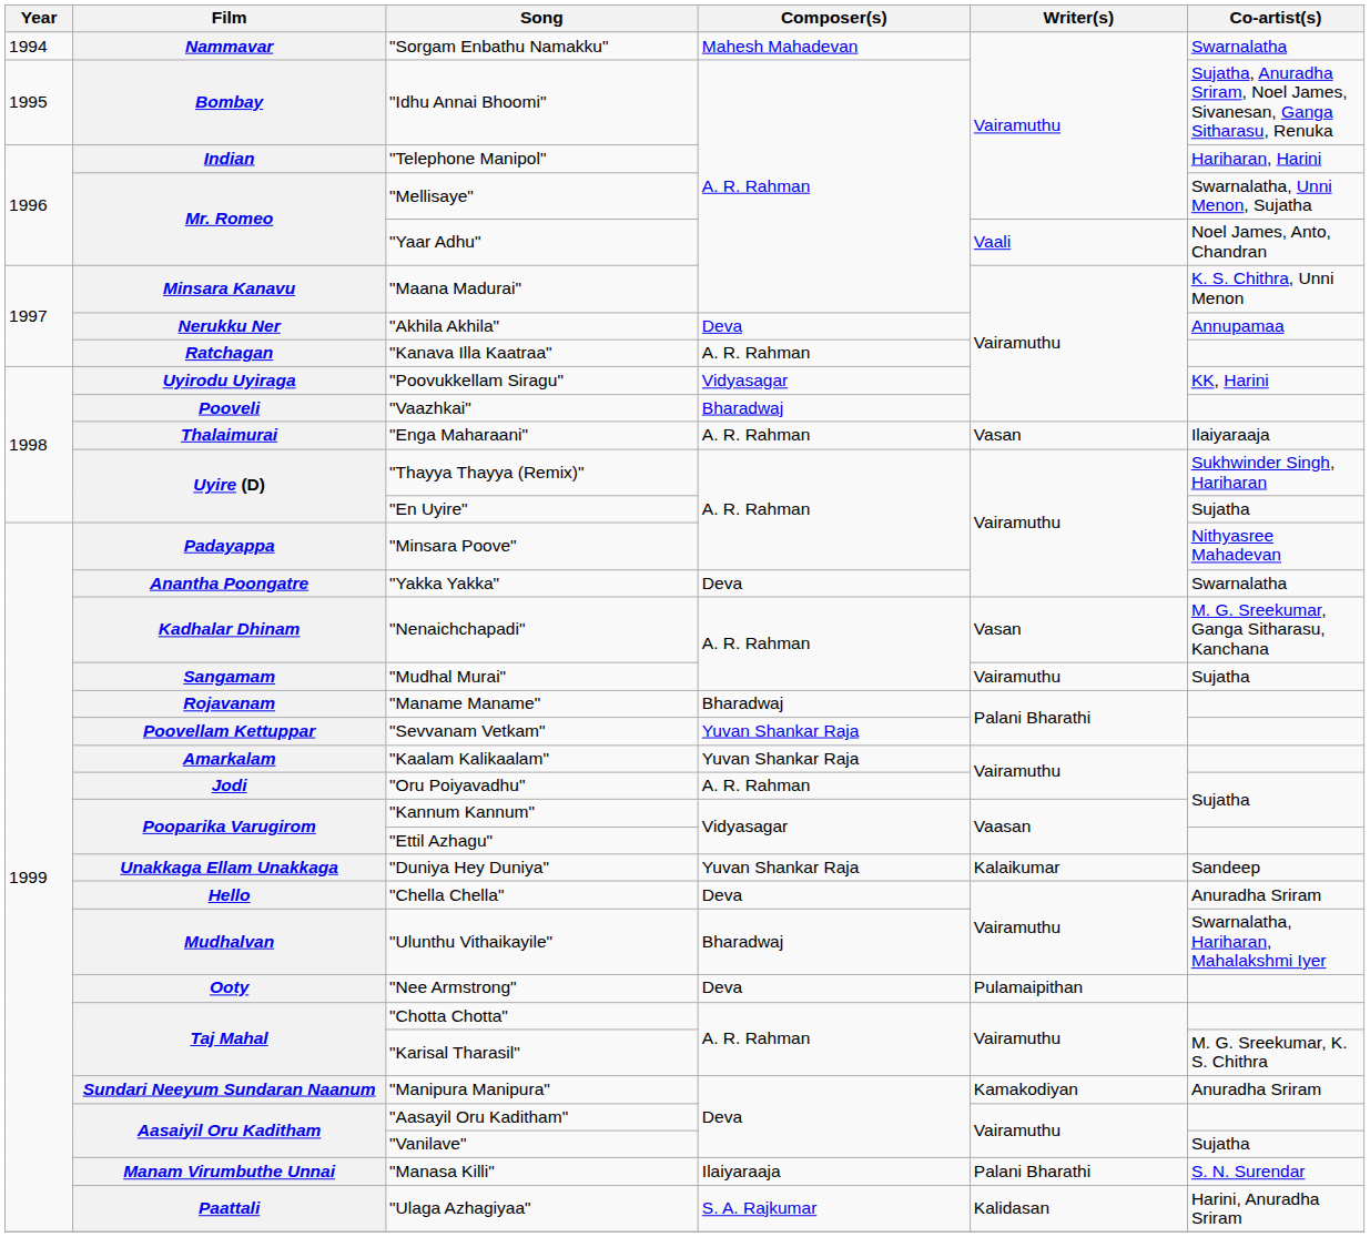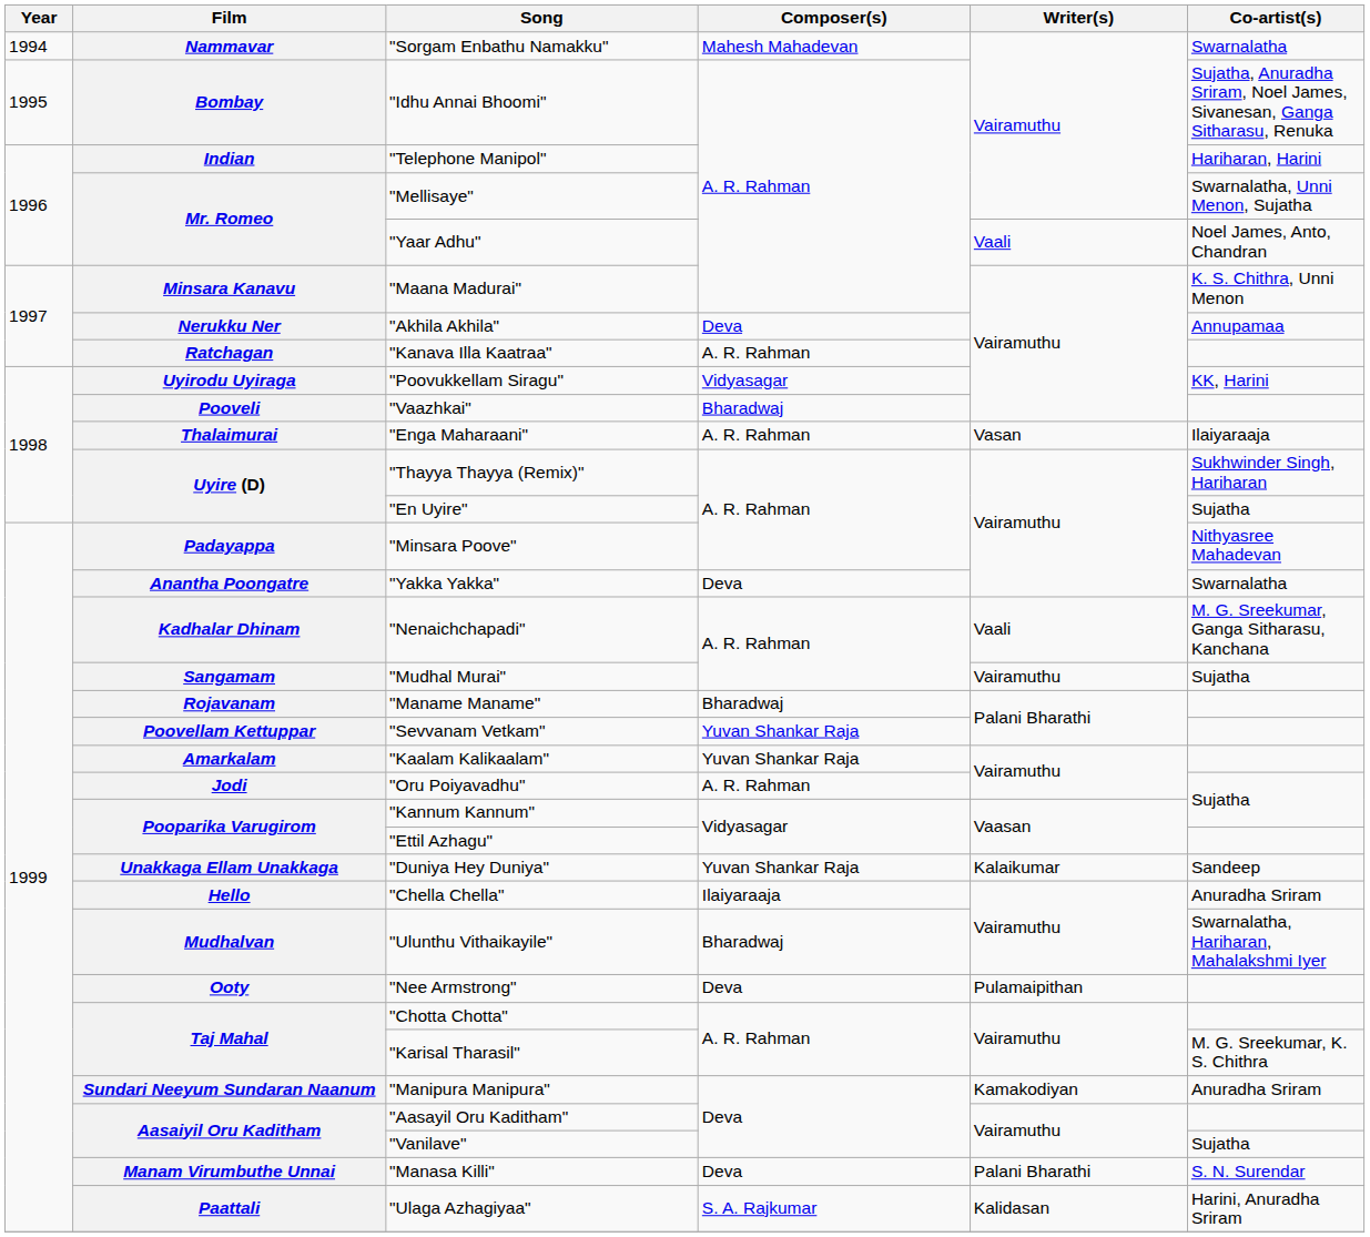 <table class="wikitable plainrowheaders" width="100%" textcolor:#000;">
 <tr style="background:#b0e0e66;">
 <th scope="col" width=5%><strong>Year</strong></th>
 <th scope="col" width=23%><strong>Film</strong></th>
 <th scope="col" width=23%><strong>Song</strong></th>
 <th scope="col" width=20%><strong>Composer(s)</strong></th>
 <th scope="col" width=16%><strong>Writer(s)</strong></th>
 <th scope="col" width=18%><strong>Co-artist(s)</strong></th>
 </tr>
 <tr>
 <td>1994</td>
 <th><em><a href='#'>Nammavar</a></em></th>
 <td>"Sorgam Enbathu Namakku"</td>
 <td><a href='#'>Mahesh Mahadevan</a></td>
 <td rowspan="4"><a href='#'>Vairamuthu</a></td>
 <td><a href='#'>Swarnalatha</a></td>
 </tr>
 <tr>
 <td>1995</td>
 <th><em><a href='#'>Bombay</a></em></th>
 <td>"Idhu Annai Bhoomi"</td>
 <td rowspan="5"><a href='#'>A. R. Rahman</a></td>
 <td><a href='#'>Sujatha</a>, <a href='#'>Anuradha Sriram</a>, Noel James, Sivanesan, <a href='#'>Ganga Sitharasu</a>, Renuka</td>
 </tr>
 <tr>
 <td rowspan="3">1996</td>
 <th><em><a href='#'>Indian</a></em></th>
 <td>"Telephone Manipol"</td>
 <td><a href='#'>Hariharan</a>, <a href='#'>Harini</a></td>
 </tr>
 <tr>
 <th rowspan="2"><em><a href='#'>Mr. Romeo</a></em></th>
 <td>"Mellisaye"</td>
 <td>Swarnalatha, <a href='#'>Unni Menon</a>, Sujatha</td>
 </tr>
 <tr>
 <td>"Yaar Adhu"</td>
 <td><a href='#'>Vaali</a></td>
 <td>Noel James, Anto, Chandran</td>
 </tr>
 <tr>
 <td rowspan="3">1997</td>
 <th><em><a href='#'>Minsara Kanavu</a></em></th>
 <td>"Maana Madurai"</td>
 <td rowspan="5">Vairamuthu</td>
 <td><a href='#'>K. S. Chithra</a>, Unni Menon</td>
 </tr>
 <tr>
 <th><em><a href='#'>Nerukku Ner</a></em></th>
 <td>"Akhila Akhila"</td>
 <td><a href='#'>Deva</a></td>
 <td><a href='#'>Annupamaa</a></td>
 </tr>
 <tr>
 <th><em><a href='#'>Ratchagan</a></em></th>
 <td>"Kanava Illa Kaatraa"</td>
 <td>A. R. Rahman</td>
 <td></td>
 </tr>
 <tr>
 <td rowspan="5">1998</td>
 <th><em><a href='#'>Uyirodu Uyiraga</a></em></th>
 <td>"Poovukkellam Siragu"</td>
 <td><a href='#'>Vidyasagar</a></td>
 <td><a href='#'>KK</a>, <a href='#'>Harini</a></td>
 </tr>
 <tr>
 <th><em><a href='#'>Pooveli</a></em></th>
 <td>"Vaazhkai"</td>
 <td><a href='#'>Bharadwaj</a></td>
 <td></td>
 </tr>
 <tr>
 <th><em><a href='#'>Thalaimurai</a></em></th>
 <td>"Enga Maharaani"</td>
 <td>A. R. Rahman</td>
 <td>Vasan</td>
 <td>Ilaiyaraaja</td>
 </tr>
 <tr>
 <th rowspan="2"><em><a href='#'>Uyire</a></em> (D)</th>
 <td>"Thayya Thayya (Remix)"</td>
 <td rowspan="3">A. R. Rahman</td>
 <td rowspan="4">Vairamuthu</td>
 <td><a href='#'>Sukhwinder Singh</a>, <a href='#'>Hariharan</a></td>
 </tr>
 <tr>
 <td>"En Uyire"</td>
 <td>Sujatha</td>
 </tr>
 <tr>
 <td rowspan="21">1999</td>
 <th><em><a href='#'>Padayappa</a></em></th>
 <td>"Minsara Poove"</td>
 <td><a href='#'>Nithyasree Mahadevan</a></td>
 </tr>
 <tr>
 <th><em><a href='#'>Anantha Poongatre</a></em></th>
 <td>"Yakka Yakka"</td>
 <td>Deva</td>
 <td>Swarnalatha</td>
 </tr>
 <tr>
 <th><em><a href='#'>Kadhalar Dhinam</a></em></th>
 <td>"Nenaichchapadi"</td>
 <td rowspan="2">A. R. Rahman</td>
-<td>Vasan</td>
+<td>Vaali</td>
 <td><a href='#'>M. G. Sreekumar</a>, Ganga Sitharasu, Kanchana</td>
 </tr>
 <tr>
 <th><em><a href='#'>Sangamam</a></em></th>
 <td>"Mudhal Murai"</td>
 <td>Vairamuthu</td>
 <td>Sujatha</td>
 </tr>
 <tr>
 <th><em><a href='#'>Rojavanam</a></em></th>
 <td>"Maname Maname"</td>
 <td>Bharadwaj</td>
 <td rowspan="2">Palani Bharathi</td>
 <td></td>
 </tr>
 <tr>
 <th><em><a href='#'>Poovellam Kettuppar</a></em></th>
 <td>"Sevvanam Vetkam"</td>
 <td><a href='#'>Yuvan Shankar Raja</a></td>
 <td></td>
 </tr>
 <tr>
 <th><em><a href='#'>Amarkalam</a></em></th>
 <td>"Kaalam Kalikaalam"</td>
 <td>Yuvan Shankar Raja</td>
 <td rowspan="2">Vairamuthu</td>
 <td></td>
 </tr>
 <tr>
 <th><em><a href='#'>Jodi</a></em></th>
 <td>"Oru Poiyavadhu"</td>
 <td>A. R. Rahman</td>
 <td rowspan="2">Sujatha</td>
 </tr>
 <tr>
 <th rowspan="2"><em><a href='#'>Pooparika Varugirom</a></em></th>
 <td>"Kannum Kannum"</td>
 <td rowspan="2">Vidyasagar</td>
 <td rowspan="2">Vaasan</td>
 </tr>
 <tr>
 <td>"Ettil Azhagu"</td>
 <td></td>
 </tr>
 <tr>
 <th><em><a href='#'>Unakkaga Ellam Unakkaga</a></em></th>
 <td>"Duniya Hey Duniya"</td>
 <td>Yuvan Shankar Raja</td>
 <td>Kalaikumar</td>
 <td>Sandeep</td>
 </tr>
 <tr>
 <th><em><a href='#'>Hello</a></em></th>
 <td>"Chella Chella"</td>
-<td>Deva</td>
+<td>Ilaiyaraaja</td>
 <td rowspan="2">Vairamuthu</td>
 <td>Anuradha Sriram</td>
 </tr>
 <tr>
 <th><em><a href='#'>Mudhalvan</a></em></th>
 <td>"Ulunthu Vithaikayile"</td>
 <td>Bharadwaj</td>
 <td>Swarnalatha, <a href='#'>Hariharan</a>, <a href='#'>Mahalakshmi Iyer</a></td>
 </tr>
 <tr>
 <th><em><a href='#'>Ooty</a></em></th>
 <td>"Nee Armstrong"</td>
 <td>Deva</td>
 <td>Pulamaipithan</td>
 <td></td>
 </tr>
 <tr>
 <th rowspan="2"><em><a href='#'>Taj Mahal</a></em></th>
 <td>"Chotta Chotta"</td>
 <td rowspan="2">A. R. Rahman</td>
 <td rowspan="2">Vairamuthu</td>
 <td></td>
 </tr>
 <tr>
 <td>"Karisal Tharasil"</td>
 <td>M. G. Sreekumar, K. S. Chithra</td>
 </tr>
 <tr>
 <th><em><a href='#'>Sundari Neeyum Sundaran Naanum</a></em></th>
 <td>"Manipura Manipura"</td>
 <td rowspan="3">Deva</td>
 <td>Kamakodiyan</td>
 <td>Anuradha Sriram</td>
 </tr>
 <tr>
 <th rowspan="2"><em><a href='#'>Aasaiyil Oru Kaditham</a></em></th>
 <td>"Aasayil Oru Kaditham"</td>
 <td rowspan="2">Vairamuthu</td>
 <td></td>
 </tr>
 <tr>
 <td>"Vanilave"</td>
 <td>Sujatha</td>
 </tr>
 <tr>
 <th><em><a href='#'>Manam Virumbuthe Unnai</a></em></th>
 <td>"Manasa Killi"</td>
-<td>Ilaiyaraaja</td>
+<td>Deva</td>
 <td>Palani Bharathi</td>
 <td><a href='#'>S. N. Surendar</a></td>
 </tr>
 <tr>
 <th><em><a href='#'>Paattali</a></em></th>
 <td>"Ulaga Azhagiyaa"</td>
 <td><a href='#'>S. A. Rajkumar</a></td>
 <td>Kalidasan</td>
 <td>Harini, Anuradha Sriram</td>
 </tr>
 <tr>
 </tr>
 </table>
